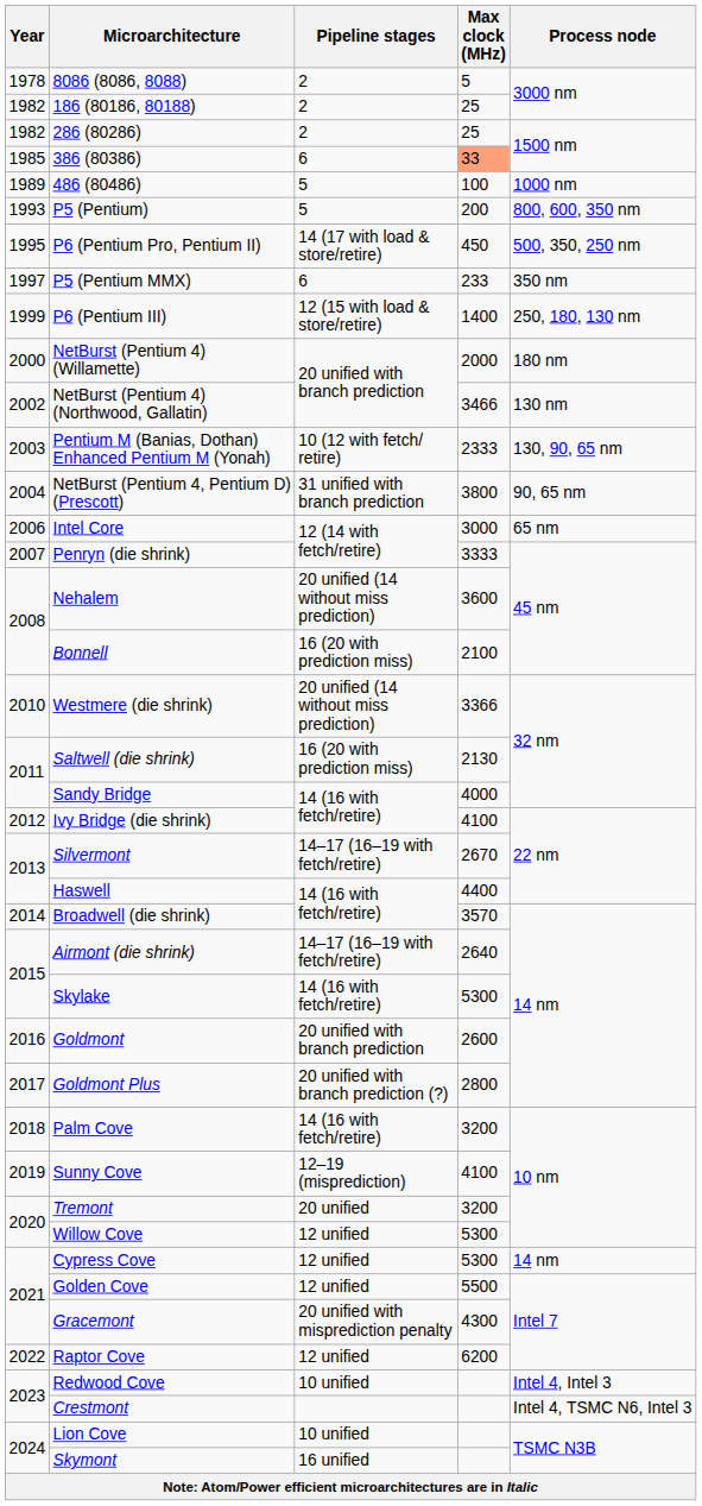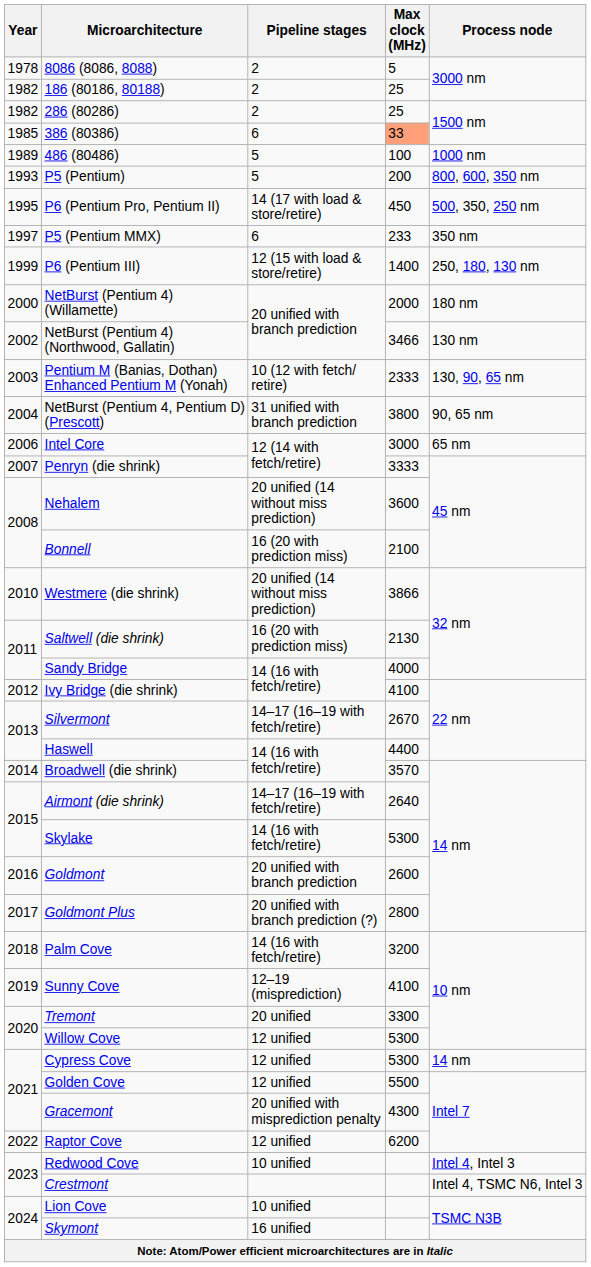 <table class="wikitable floatright sortable mw-datatable">
 <tr>
 <th>Year</th>
 <th>Micro­architecture</th>
 <th style="width:9.5em">Pipeline stages</th>
 <th>Max<br>clock<br>(MHz)</th>
 <th>Process node</th>
 </tr>
 <tr>
 <td>1978</td>
 <td><a href='#'>8086</a> (8086, <a href='#'>8088</a>)</td>
 <td>2</td>
 <td>5</td>
 <td rowspan="2"><a href='#'>3000</a> nm</td>
 </tr>
 <tr>
 <td>1982</td>
 <td><a href='#'>186</a> (80186, <a href='#'>80188</a>)</td>
 <td>2</td>
 <td>25</td>
 </tr>
 <tr>
 <td>1982</td>
 <td><a href='#'>286</a> (80286)</td>
 <td>2</td>
 <td>25</td>
 <td rowspan="2"><a href='#'>1500</a> nm</td>
 </tr>
 <tr>
 <td>1985</td>
 <td><a href='#'>386</a> (80386)</td>
 <td>6</td>
 <td style="background: lightsalmon;">33</td>
 </tr>
 <tr>
 <td>1989</td>
 <td><a href='#'>486</a> (80486)</td>
 <td>5</td>
 <td>100</td>
 <td><a href='#'>1000</a> nm</td>
 </tr>
 <tr>
 <td>1993</td>
 <td><a href='#'>P5</a> (Pentium)</td>
 <td>5</td>
 <td>200</td>
 <td><a href='#'>800</a>, <a href='#'>600</a>, <a href='#'>350</a> nm</td>
 </tr>
 <tr>
 <td>1995</td>
 <td><a href='#'>P6</a> (Pentium Pro, Pentium II)</td>
 <td>14 (17 with load & store/<wbr>retire)</td>
 <td>450</td>
 <td><a href='#'>500</a>, 350, <a href='#'>250</a> nm</td>
 </tr>
 <tr>
 <td>1997</td>
 <td><a href='#'>P5</a> (Pentium MMX)</td>
 <td>6</td>
 <td>233</td>
 <td>350 nm</td>
 </tr>
 <tr>
 <td>1999</td>
 <td><a href='#'>P6</a> (Pentium III)</td>
 <td>12 (15 with load & store/retire)</td>
 <td>1400</td>
 <td>250, <a href='#'>180</a>, <a href='#'>130</a> nm</td>
 </tr>
 <tr>
 <td>2000</td>
 <td><a href='#'>NetBurst</a> (Pentium 4)<br>(Willamette)</td>
 <td rowspan="2">20 unified with branch prediction</td>
 <td>2000</td>
 <td>180 nm</td>
 </tr>
 <tr>
 <td>2002</td>
 <td>NetBurst (Pentium 4)<br>(Northwood, Gallatin)</td>
 <td>3466</td>
 <td>130 nm</td>
 </tr>
 <tr>
 <td>2003</td>
 <td><a href='#'>Pentium M</a> (Banias, Dothan)<br><a href='#'>Enhanced Pentium M</a> (Yonah)</td>
 <td>10 (12 with fetch/<wbr>retire)</td>
 <td>2333</td>
 <td>130, <a href='#'>90</a>, <a href='#'>65</a> nm</td>
 </tr>
 <tr>
 <td>2004</td>
 <td>NetBurst (Pentium 4, Pentium D)<br>(<a href='#'>Prescott</a>)</td>
 <td>31 unified with branch prediction</td>
 <td>3800</td>
 <td>90, 65 nm</td>
 </tr>
 <tr>
 <td>2006</td>
 <td><a href='#'>Intel Core</a></td>
 <td rowspan="2">12 (14 with fetch/retire)</td>
 <td>3000</td>
 <td>65 nm</td>
 </tr>
 <tr>
 <td>2007</td>
 <td><a href='#'>Penryn</a> (die shrink)</td>
 <td>3333</td>
 <td rowspan="3"><a href='#'>45</a> nm</td>
 </tr>
 <tr>
 <td rowspan="2">2008</td>
 <td><a href='#'>Nehalem</a></td>
 <td>20 unified (14 without miss prediction)</td>
 <td>3600</td>
 </tr>
 <tr>
 <td><em><a href='#'>Bonnell</a></em></td>
 <td>16 (20 with prediction miss)</td>
 <td>2100</td>
 </tr>
 <tr>
 <td>2010</td>
 <td><a href='#'>Westmere</a> (die shrink)</td>
 <td>20 unified (14 without miss prediction)</td>
-<td>3366</td>
+<td>3866</td>
 <td rowspan="3"><a href='#'>32</a> nm</td>
 </tr>
 <tr>
 <td rowspan="2">2011</td>
 <td><em><a href='#'>Saltwell</a> (die shrink)</em></td>
 <td>16 (20 with prediction miss)</td>
 <td>2130</td>
 </tr>
 <tr>
 <td><a href='#'>Sandy Bridge</a></td>
 <td rowspan="2">14 (16 with fetch/retire)</td>
 <td>4000</td>
 </tr>
 <tr>
 <td>2012</td>
 <td><a href='#'>Ivy Bridge</a> (die shrink)</td>
 <td>4100</td>
 <td rowspan="3"><a href='#'>22</a> nm</td>
 </tr>
 <tr>
 <td rowspan="2">2013</td>
 <td><em><a href='#'>Silvermont</a></em></td>
 <td>14–17 (16–19 with fetch/retire)</td>
 <td>2670</td>
 </tr>
 <tr>
 <td><a href='#'>Haswell</a></td>
 <td rowspan="2">14 (16 with fetch/retire)</td>
 <td>4400</td>
 </tr>
 <tr>
 <td>2014</td>
 <td><a href='#'>Broadwell</a> (die shrink)</td>
 <td>3570</td>
 <td rowspan="5"><a href='#'>14</a> nm</td>
 </tr>
 <tr>
 <td rowspan="2">2015</td>
 <td><em><a href='#'>Airmont</a> (die shrink)</em></td>
 <td>14–17 (16–19 with fetch/retire)</td>
 <td>2640</td>
 </tr>
 <tr>
 <td><a href='#'>Skylake</a></td>
 <td>14 (16 with fetch/retire)</td>
 <td>5300</td>
 </tr>
 <tr>
 <td>2016</td>
 <td><em><a href='#'>Goldmont</a></em></td>
 <td>20 unified with branch prediction</td>
 <td>2600</td>
 </tr>
 <tr>
 <td>2017</td>
 <td><em><a href='#'>Goldmont Plus</a></em></td>
 <td>20 unified with branch prediction (?)</td>
 <td>2800</td>
 </tr>
 <tr>
 <td>2018</td>
 <td><a href='#'>Palm Cove</a></td>
 <td>14 (16 with fetch/retire)</td>
 <td>3200</td>
 <td rowspan="4"><a href='#'>10</a> nm</td>
 </tr>
 <tr>
 <td>2019</td>
 <td><a href='#'>Sunny Cove</a></td>
 <td>12–19 (misprediction)</td>
 <td>4100</td>
 </tr>
 <tr>
 <td rowspan="2">2020</td>
 <td><a href='#'><em>Tremont</em></a></td>
 <td>20 unified</td>
-<td>3200</td>
+<td>3300</td>
 </tr>
 <tr>
 <td><a href='#'>Willow Cove</a></td>
 <td>12 unified</td>
 <td>5300</td>
 </tr>
 <tr>
 <td rowspan="3">2021</td>
 <td><a href='#'>Cypress Cove</a></td>
 <td>12 unified</td>
 <td>5300</td>
 <td><a href='#'>14</a> nm</td>
 </tr>
 <tr>
 <td><a href='#'>Golden Cove</a></td>
 <td>12 unified</td>
 <td>5500</td>
 <td rowspan="3"><a href='#'>Intel 7</a></td>
 </tr>
 <tr>
 <td><a href='#'><em>Gracemont</em></a></td>
 <td>20 unified with misprediction penalty</td>
 <td>4300</td>
 </tr>
 <tr>
 <td>2022</td>
 <td><a href='#'>Raptor Cove</a></td>
 <td>12 unified</td>
 <td>6200</td>
 </tr>
 <tr>
 <td rowspan="2">2023</td>
 <td><a href='#'>Redwood Cove</a></td>
 <td>10 unified</td>
 <td></td>
 <td><a href='#'>Intel 4</a>, Intel 3</td>
 </tr>
 <tr>
 <td><em><a href='#'>Crestmont</a></em></td>
 <td></td>
 <td></td>
 <td>Intel 4, TSMC N6, Intel 3</td>
 </tr>
 <tr>
 <td rowspan="2">2024</td>
 <td><a href='#'>Lion Cove</a></td>
 <td>10 unified</td>
 <td></td>
 <td rowspan="2"><a href='#'>TSMC N3B</a></td>
 </tr>
 <tr>
 <td><em><a href='#'>Skymont</a></em></td>
 <td>16 unified</td>
 <td></td>
 </tr>
 <tr>
 <th colspan="5"><small>Note: Atom/Power efficient microarchitectures are in <em>Italic</em></small></th>
 </tr>
 </table>
